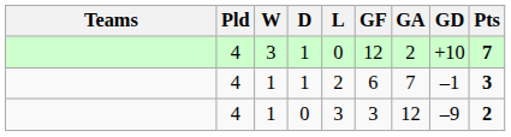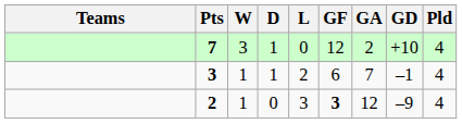 <table class="wikitable" style="text-align: center;">
 <tr>
 <th width=165>Teams</th>
-<th width=20>Pld</th>
+<th width=20>Pts</th>
 <th width=20>W</th>
 <th width=20>D</th>
 <th width=20>L</th>
 <th width=20>GF</th>
 <th width=20>GA</th>
 <th width=20>GD</th>
-<th width=20>Pts</th>
+<th width=20>Pld</th>
 </tr>
 <tr align=center style="background:#ccffcc;">
 <td style="text-align:left;"></td>
-<td>4</td>
+<td><strong>7</strong></td>
 <td>3</td>
 <td>1</td>
 <td>0</td>
 <td>12</td>
 <td>2</td>
 <td>+10</td>
-<td><strong>7</strong></td>
+<td>4</td>
 </tr>
 <tr align=center>
 <td style="text-align:left;"></td>
-<td>4</td>
+<td><strong>3</strong></td>
 <td>1</td>
 <td>1</td>
 <td>2</td>
 <td>6</td>
 <td>7</td>
 <td>–1</td>
-<td><strong>3</strong></td>
+<td>4</td>
 </tr>
 <tr align=center>
 <td style="text-align:left;"></td>
-<td>4</td>
+<td><strong>2</strong></td>
 <td>1</td>
 <td>0</td>
 <td>3</td>
-<td>3</td>
+<td><strong>3</strong></td>
 <td>12</td>
 <td>–9</td>
-<td><strong>2</strong></td>
+<td>4</td>
 </tr>
 </table>
